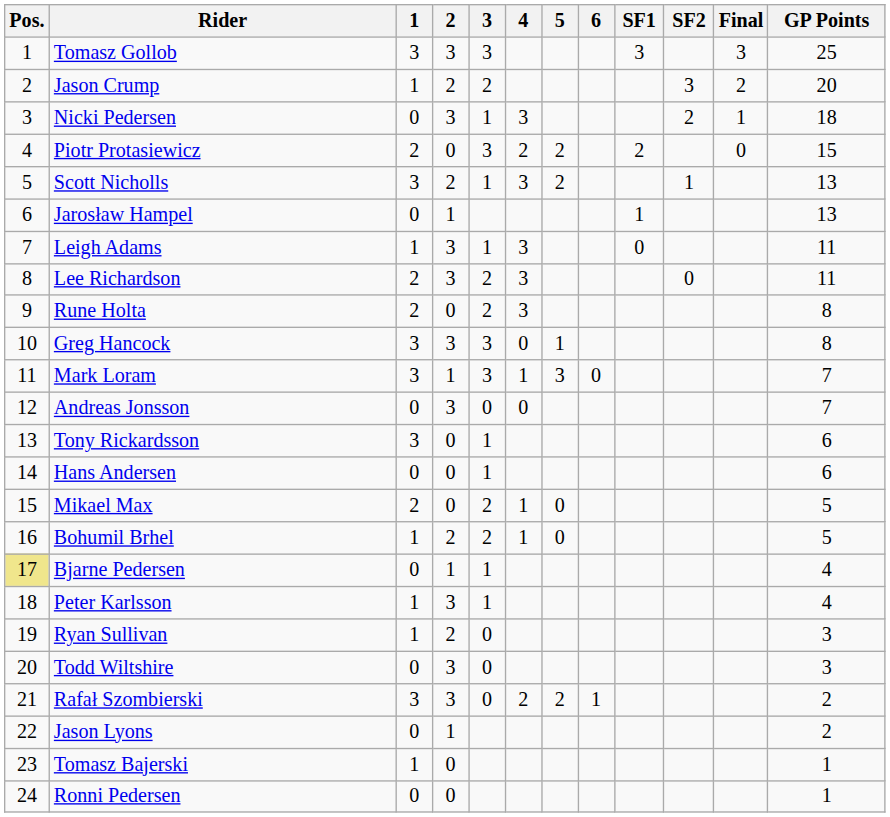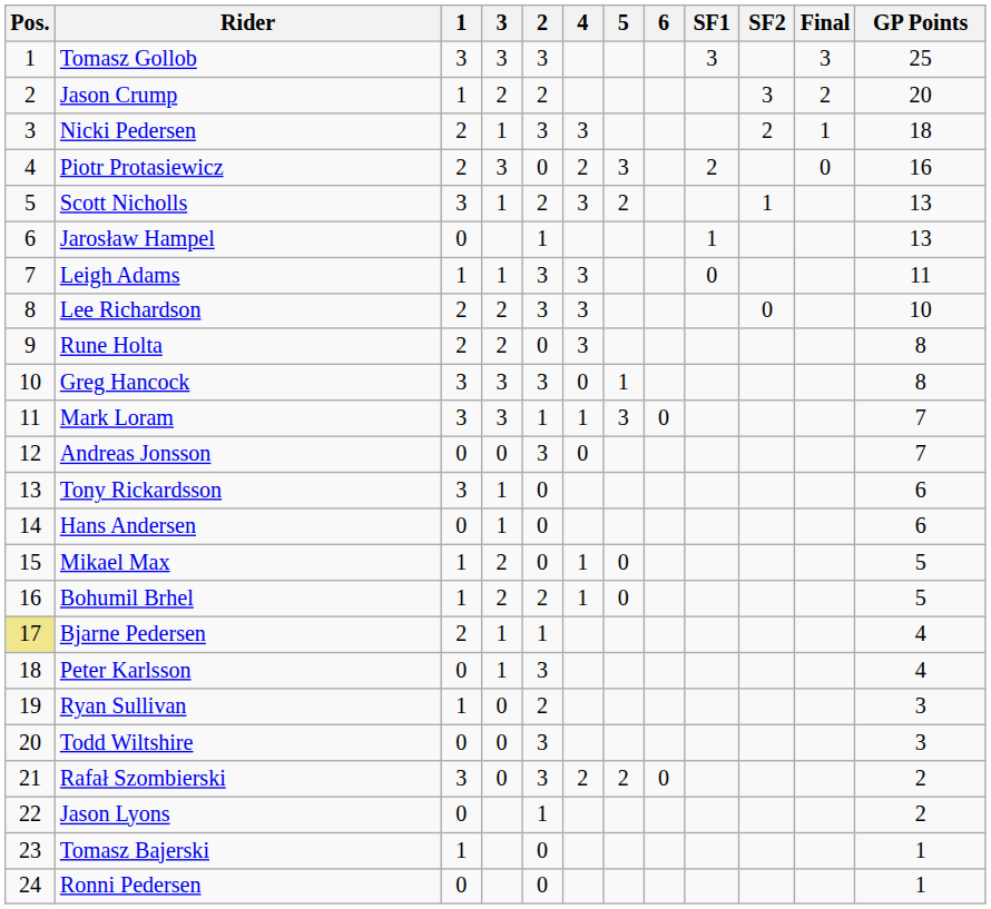 <table class=wikitable style="font-size:93%;">
 <tr>
 <th width=25px>Pos.</th>
 <th width=250px>Rider</th>
 <th width=20px>1</th>
+<th width=20px>3</th>
 <th width=20px>2</th>
-<th width=20px>3</th>
 <th width=20px>4</th>
 <th width=20px>5</th>
 <th width=20px>6</th>
 <th width=30px>SF1</th>
 <th width=30px>SF2</th>
 <th width=30px>Final</th>
 <th width=80px>GP Points</th>
 </tr>
 <tr align=center style="background-color:">
 <td>1</td>
 <td align=left> <a href='#'>Tomasz Gollob</a></td>
 <td>3</td>
 <td>3</td>
 <td>3</td>
 <td></td>
 <td></td>
 <td></td>
 <td>  3</td>
 <td></td>
 <td>3</td>
 <td>25</td>
 </tr>
 <tr align=center style="background-color:">
 <td>2</td>
 <td align=left> <a href='#'>Jason Crump</a></td>
 <td>1</td>
 <td>2</td>
 <td>2</td>
 <td></td>
 <td></td>
 <td></td>
 <td></td>
 <td>3</td>
 <td>2</td>
 <td>20</td>
 </tr>
 <tr align=center style="background-color:">
 <td>3</td>
 <td align=left> <a href='#'>Nicki Pedersen</a></td>
-<td>0</td>
+<td>2</td>
+<td>1</td>
 <td>3</td>
-<td>1</td>
 <td>3</td>
 <td></td>
 <td></td>
 <td></td>
 <td>2</td>
 <td>1</td>
 <td>18</td>
 </tr>
 <tr align=center>
 <td>4</td>
 <td align=left> <a href='#'>Piotr Protasiewicz</a></td>
 <td>2</td>
+<td>3</td>
 <td>0</td>
+<td>2</td>
 <td>3</td>
-<td>2</td>
-<td>2</td>
 <td></td>
 <td>2</td>
 <td></td>
 <td>0</td>
-<td>15</td>
+<td>16</td>
 </tr>
 <tr align=center>
 <td>5</td>
 <td align=left> <a href='#'>Scott Nicholls</a></td>
 <td>3</td>
+<td>1</td>
 <td>2</td>
-<td>1</td>
 <td>3</td>
 <td>2</td>
 <td></td>
 <td></td>
 <td>1</td>
 <td></td>
 <td>13</td>
 </tr>
 <tr align=center>
 <td>6</td>
 <td align=left> <a href='#'>Jarosław Hampel</a></td>
 <td>0</td>
+<td></td>
 <td>1</td>
-<td></td>
 <td></td>
 <td></td>
 <td></td>
 <td>1</td>
 <td></td>
 <td></td>
 <td>13</td>
 </tr>
 <tr align=center>
 <td>7</td>
 <td align=left> <a href='#'>Leigh Adams</a></td>
 <td>1</td>
+<td>1</td>
 <td>3</td>
-<td>1</td>
 <td>3</td>
 <td></td>
 <td></td>
 <td>0</td>
 <td></td>
 <td></td>
 <td>11</td>
 </tr>
 <tr align=center>
 <td>8</td>
 <td align=left> <a href='#'>Lee Richardson</a></td>
 <td>2</td>
+<td>2</td>
 <td>3</td>
-<td>2</td>
 <td>3</td>
 <td></td>
 <td></td>
 <td></td>
 <td>0</td>
 <td></td>
-<td>11</td>
+<td>10</td>
 </tr>
 <tr align=center>
 <td>9</td>
 <td align=left> <a href='#'>Rune Holta</a></td>
 <td>2</td>
+<td>2</td>
 <td>0</td>
-<td>2</td>
 <td>3</td>
 <td></td>
 <td></td>
 <td></td>
 <td></td>
 <td></td>
 <td>8</td>
 </tr>
 <tr align=center>
 <td>10</td>
 <td align=left> <a href='#'>Greg Hancock</a></td>
 <td>3</td>
 <td>3</td>
 <td>3</td>
 <td>0</td>
 <td>1</td>
 <td></td>
 <td></td>
 <td></td>
 <td></td>
 <td>8</td>
 </tr>
 <tr align=center>
 <td>11</td>
 <td align=left> <a href='#'>Mark Loram</a></td>
 <td>3</td>
+<td>3</td>
 <td>1</td>
-<td>3</td>
 <td>1</td>
 <td>3</td>
 <td>0</td>
 <td></td>
 <td></td>
 <td></td>
 <td>7</td>
 </tr>
 <tr align=center>
 <td>12</td>
 <td align=left> <a href='#'>Andreas Jonsson</a></td>
 <td>0</td>
+<td>0</td>
 <td>3</td>
-<td>0</td>
 <td>0</td>
 <td></td>
 <td></td>
 <td></td>
 <td></td>
 <td></td>
 <td>7</td>
 </tr>
 <tr align=center>
 <td>13</td>
 <td align=left> <a href='#'>Tony Rickardsson</a></td>
 <td>3</td>
+<td>1</td>
 <td>0</td>
-<td>1</td>
 <td></td>
 <td></td>
 <td></td>
 <td></td>
 <td></td>
 <td></td>
 <td>6</td>
 </tr>
 <tr align=center>
 <td>14</td>
 <td align=left> <a href='#'>Hans Andersen</a></td>
 <td>0</td>
+<td>1</td>
 <td>0</td>
-<td>1</td>
 <td></td>
 <td></td>
 <td></td>
 <td></td>
 <td></td>
 <td></td>
 <td>6</td>
 </tr>
 <tr align=center>
 <td>15</td>
 <td align=left> <a href='#'>Mikael Max</a></td>
+<td>1</td>
 <td>2</td>
 <td>0</td>
-<td>2</td>
 <td>1</td>
 <td>0</td>
 <td></td>
 <td></td>
 <td></td>
 <td></td>
 <td>5</td>
 </tr>
 <tr align=center>
 <td>16</td>
 <td align=left> <a href='#'>Bohumil Brhel</a></td>
 <td>1</td>
 <td>2</td>
 <td>2</td>
 <td>1</td>
 <td>0</td>
 <td></td>
 <td></td>
 <td></td>
 <td></td>
 <td>5</td>
 </tr>
 <tr align=center>
 <td style="background: khaki;">17</td>
 <td align=left> <a href='#'>Bjarne Pedersen</a></td>
-<td>0</td>
+<td>2</td>
 <td>1</td>
 <td>1</td>
 <td></td>
 <td></td>
 <td></td>
 <td></td>
 <td></td>
 <td></td>
 <td>4</td>
 </tr>
 <tr align=center>
 <td>18</td>
 <td align=left> <a href='#'>Peter Karlsson</a></td>
+<td>0</td>
 <td>1</td>
 <td>3</td>
-<td>1</td>
 <td></td>
 <td></td>
 <td></td>
 <td></td>
 <td></td>
 <td></td>
 <td>4</td>
 </tr>
 <tr align=center>
 <td>19</td>
 <td align=left> <a href='#'>Ryan Sullivan</a></td>
 <td>1</td>
+<td>0</td>
 <td>2</td>
-<td>0</td>
 <td></td>
 <td></td>
 <td></td>
 <td></td>
 <td></td>
 <td></td>
 <td>3</td>
 </tr>
 <tr align=center>
 <td>20</td>
 <td align=left> <a href='#'>Todd Wiltshire</a></td>
 <td>0</td>
+<td>0</td>
 <td>3</td>
-<td>0</td>
 <td></td>
 <td></td>
 <td></td>
 <td></td>
 <td></td>
 <td></td>
 <td>3</td>
 </tr>
 <tr align=center>
 <td>21</td>
 <td align=left> <a href='#'>Rafał Szombierski</a></td>
 <td>3</td>
+<td>0</td>
 <td>3</td>
-<td>0</td>
 <td>2</td>
 <td>2</td>
-<td>1</td>
+<td>0</td>
 <td></td>
 <td></td>
 <td></td>
 <td>2</td>
 </tr>
 <tr align=center>
 <td>22</td>
 <td align=left> <a href='#'>Jason Lyons</a></td>
 <td>0</td>
+<td></td>
 <td>1</td>
-<td></td>
 <td></td>
 <td></td>
 <td></td>
 <td></td>
 <td></td>
 <td></td>
 <td>2</td>
 </tr>
 <tr align=center>
 <td>23</td>
 <td align=left> <a href='#'>Tomasz Bajerski</a></td>
 <td>1</td>
+<td></td>
 <td>0</td>
-<td></td>
 <td></td>
 <td></td>
 <td></td>
 <td></td>
 <td></td>
 <td></td>
 <td>1</td>
 </tr>
 <tr align=center>
 <td>24</td>
 <td align=left> <a href='#'>Ronni Pedersen</a></td>
 <td>0</td>
+<td></td>
 <td>0</td>
-<td></td>
 <td></td>
 <td></td>
 <td></td>
 <td></td>
 <td></td>
 <td></td>
 <td>1</td>
 </tr>
 </table>
